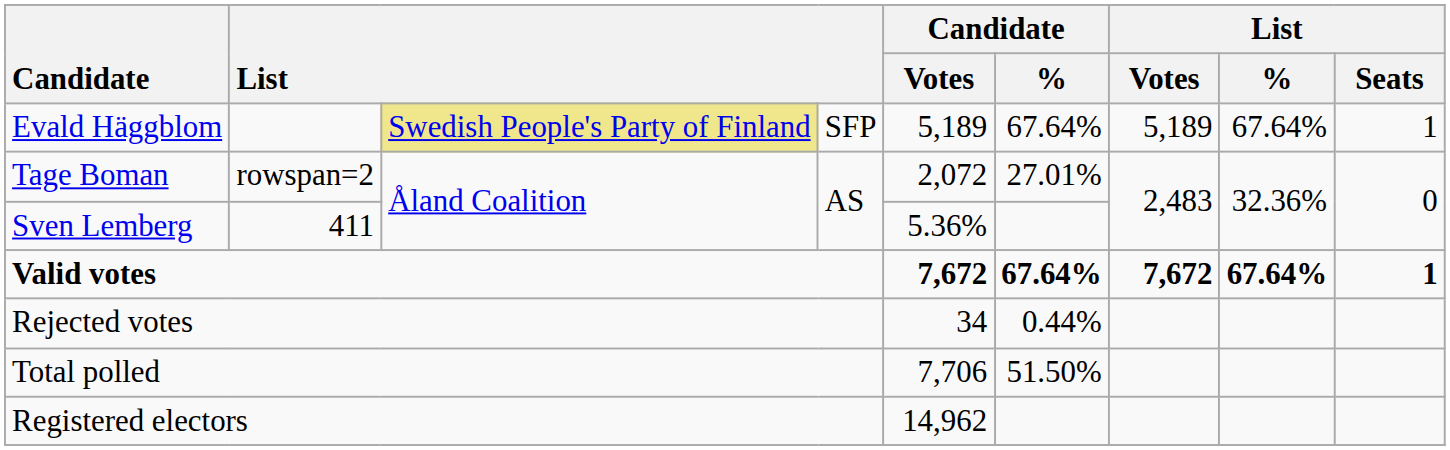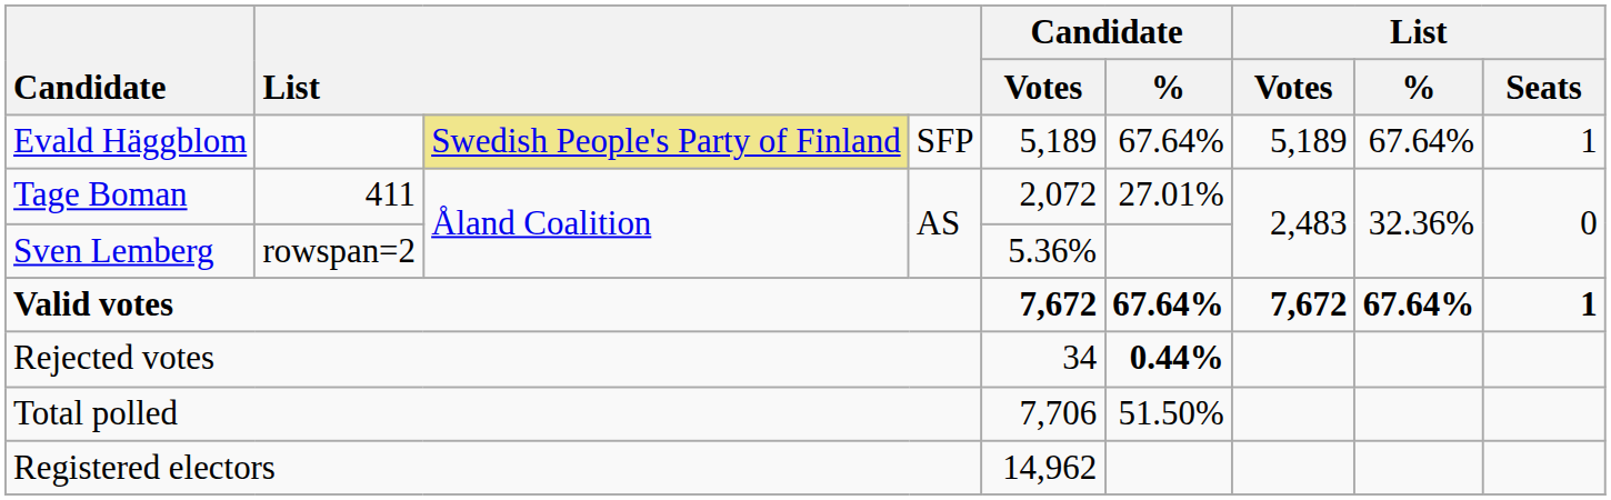 <table class="wikitable" border="1" style="text-align:right;">
 <tr>
 <th ! style="text-align:left;" valign=bottom rowspan=2>Candidate</th>
 <th style="text-align:left;" valign=bottom rowspan=2 colspan=3>List</th>
 <th colspan=2>Candidate</th>
 <th colspan=3>List</th>
 </tr>
 <tr>
 <th align=center valign=bottom width="50">Votes</th>
 <th align=center valign=bottom width="50">%</th>
 <th align=center valign=bottom width="50">Votes</th>
 <th align=center valign=bottom width="50">%</th>
 <th align=center valign=bottom width="50">Seats</th>
 </tr>
 <tr>
 <td align=left><a href='#'>Evald Häggblom</a></td>
 <td></td>
 <td align=left style="background: khaki;"><a href='#'>Swedish People's Party of Finland</a></td>
 <td align=left>SFP</td>
 <td>5,189</td>
 <td>67.64%</td>
 <td>5,189</td>
 <td>67.64%</td>
 <td>1</td>
 </tr>
 <tr>
 <td align=left><a href='#'>Tage Boman</a></td>
-<td>rowspan=2 </td>
+<td>411</td>
 <td rowspan=2 align=left><a href='#'>Åland Coalition</a></td>
 <td rowspan=2 align=left>AS</td>
 <td>2,072</td>
 <td>27.01%</td>
 <td rowspan=2>2,483</td>
 <td rowspan=2>32.36%</td>
 <td rowspan=2>0</td>
 </tr>
 <tr>
 <td align=left><a href='#'>Sven Lemberg</a></td>
-<td>411</td>
+<td>rowspan=2 </td>
 <td>5.36%</td>
 </tr>
 <tr style="font-weight:bold">
 <td align=left colspan=4>Valid votes</td>
 <td>7,672</td>
 <td>67.64%</td>
 <td>7,672</td>
 <td>67.64%</td>
 <td>1</td>
 </tr>
 <tr>
 <td align=left colspan=4>Rejected votes</td>
 <td>34</td>
-<td>0.44%</td>
+<td><strong>0.44%</strong></td>
 <td></td>
 <td></td>
 <td></td>
 </tr>
 <tr>
 <td align=left colspan=4>Total polled</td>
 <td>7,706</td>
 <td>51.50%</td>
 <td></td>
 <td></td>
 <td></td>
 </tr>
 <tr>
 <td align=left colspan=4>Registered electors</td>
 <td>14,962</td>
 <td></td>
 <td></td>
 <td></td>
 <td></td>
 </tr>
 </table>
